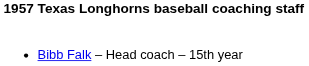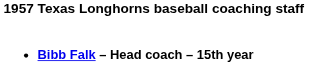 <table class="toccolours">
 <tr>
 <th colspan=9>1957 Texas Longhorns baseball coaching staff</th>
 </tr>
 <tr>
-<td style="text-align: left; font-size: 95%;" valign="top"><br><ul><li><a href='#'>Bibb Falk</a> – Head coach – 15th year</li></ul></td>
+<td style="text-align: left; font-size: 95%;" valign="top"><strong><br><ul><li><a href='#'>Bibb Falk</a> – Head coach – 15th year</li></ul></strong></td>
 </tr>
 </table>
